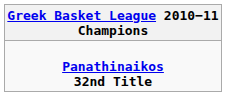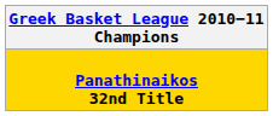 <table class="wikitable" style="text-align: center; margin: 0 auto">
 <tr>
 <th><a href='#'>Greek Basket League</a> 2010−11<br>Champions</th>
 </tr>
 <tr>
 </tr>
 <tr>
-<td><br><strong><a href='#'>Panathinaikos</a></strong><br><strong>32nd Title</strong></td>
+<td style="background: gold;"><br><strong><a href='#'>Panathinaikos</a></strong><br><strong>32nd Title</strong></td>
 </tr>
 </table>
